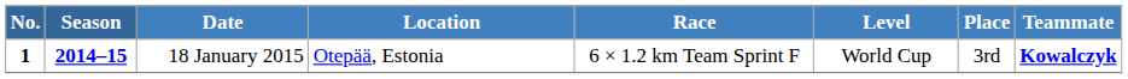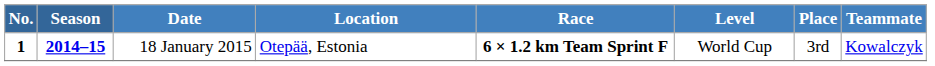 <table class="wikitable sortable" style="font-size:95%; text-align:center; border:grey solid 1px; border-collapse:collapse; background:#ffffff;">
 <tr style="background:#efefef;">
 <th style="background-color:#369; color:white;">No.</th>
 <th style="background-color:#369; color:white;">Season</th>
 <th style="background-color:#4180be; color:white; width:120px;">Date</th>
 <th style="background-color:#4180be; color:white; width:190px;">Location</th>
 <th style="background-color:#4180be; color:white; width:170px;">Race</th>
 <th style="background-color:#4180be; color:white; width:100px;">Level</th>
 <th style="background-color:#4180be; color:white;">Place</th>
 <th style="background-color:#4180be; color:white;">Teammate</th>
 </tr>
 <tr>
 <td align=center><strong>1</strong></td>
 <td rowspan=1 align=center><strong> <a href='#'>2014–15</a> </strong></td>
 <td align=right>18 January 2015</td>
 <td align=left> <a href='#'>Otepää</a>, Estonia</td>
-<td>6 × 1.2 km Team Sprint F</td>
+<td><strong>6 × 1.2 km Team Sprint F</strong></td>
 <td>World Cup</td>
 <td>3rd</td>
-<td><strong><a href='#'>Kowalczyk</a></strong></td>
+<td><a href='#'>Kowalczyk</a></td>
 </tr>
 <tr>
 </tr>
 </table>
